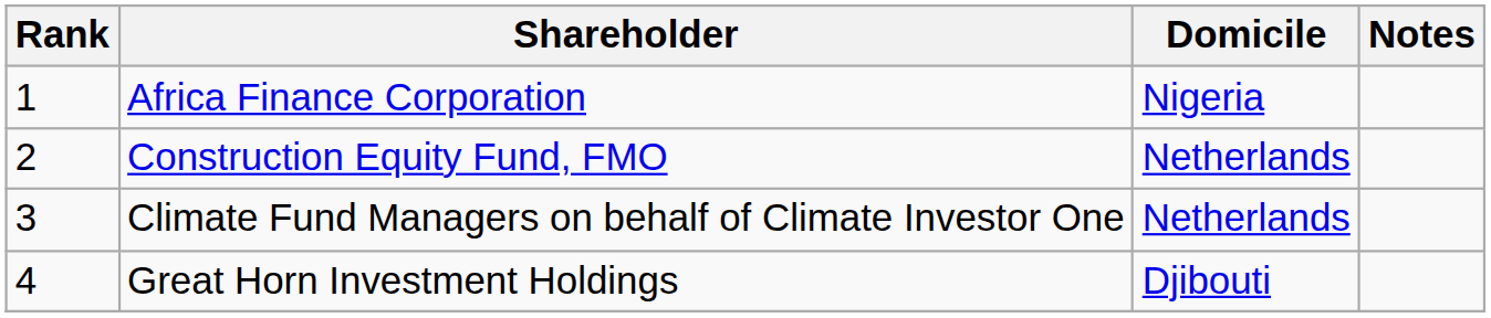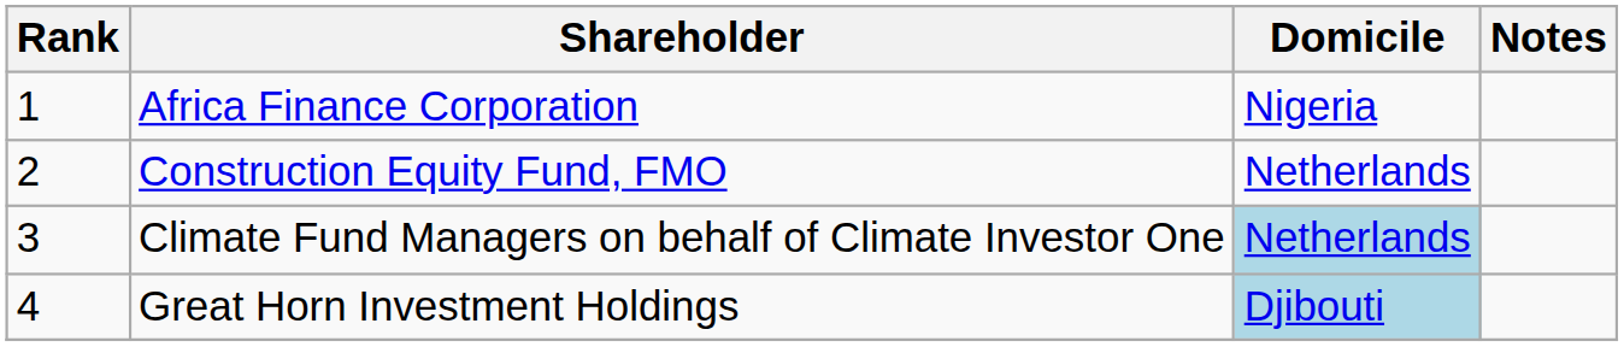 <table class="wikitable sortable" style="margin: 0.5em auto">
 <tr>
 <th>Rank</th>
 <th>Shareholder</th>
 <th>Domicile</th>
 <th>Notes</th>
 </tr>
 <tr>
 <td>1</td>
 <td><a href='#'>Africa Finance Corporation</a></td>
 <td><a href='#'>Nigeria</a></td>
 <td></td>
 </tr>
 <tr>
 <td>2</td>
 <td><a href='#'>Construction Equity Fund, FMO</a></td>
 <td><a href='#'>Netherlands</a></td>
 <td></td>
 </tr>
 <tr>
 <td>3</td>
 <td>Climate Fund Managers on behalf of Climate Investor One</td>
-<td><a href='#'>Netherlands</a></td>
+<td style="background: lightblue;"><a href='#'>Netherlands</a></td>
 <td></td>
 </tr>
 <tr>
 <td>4</td>
 <td>Great Horn Investment Holdings</td>
-<td><a href='#'>Djibouti</a></td>
+<td style="background: lightblue;"><a href='#'>Djibouti</a></td>
 <td></td>
 </tr>
 <tr>
 </tr>
 </table>
